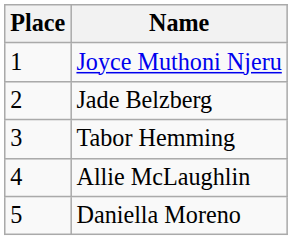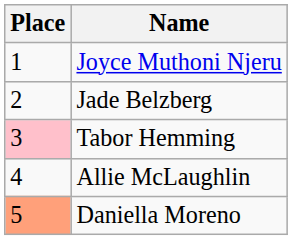 <table class="wikitable">
 <tr>
 <th>Place</th>
 <th>Name</th>
 </tr>
 <tr>
 <td>1</td>
 <td> <a href='#'>Joyce Muthoni Njeru</a></td>
 </tr>
 <tr>
 <td>2</td>
 <td> Jade Belzberg</td>
 </tr>
 <tr>
-<td>3</td>
+<td style="background: pink;">3</td>
 <td> Tabor Hemming</td>
 </tr>
 <tr>
 <td>4</td>
 <td> Allie McLaughlin</td>
 </tr>
 <tr>
-<td>5</td>
+<td style="background: lightsalmon;">5</td>
 <td> Daniella Moreno</td>
 </tr>
 </table>
